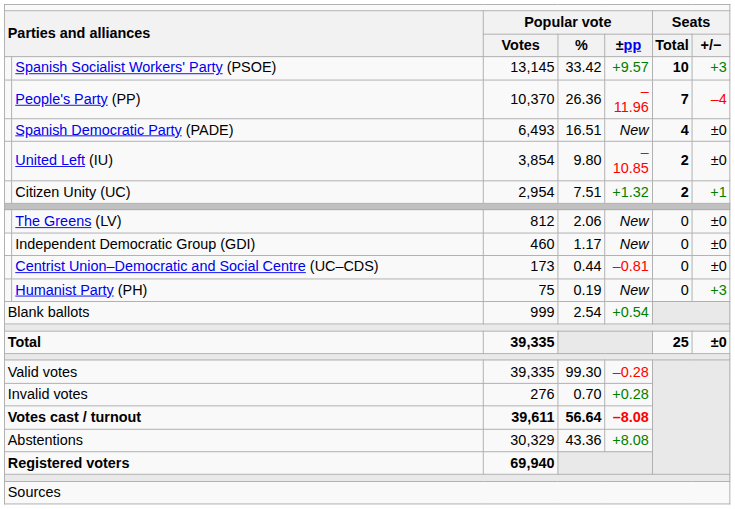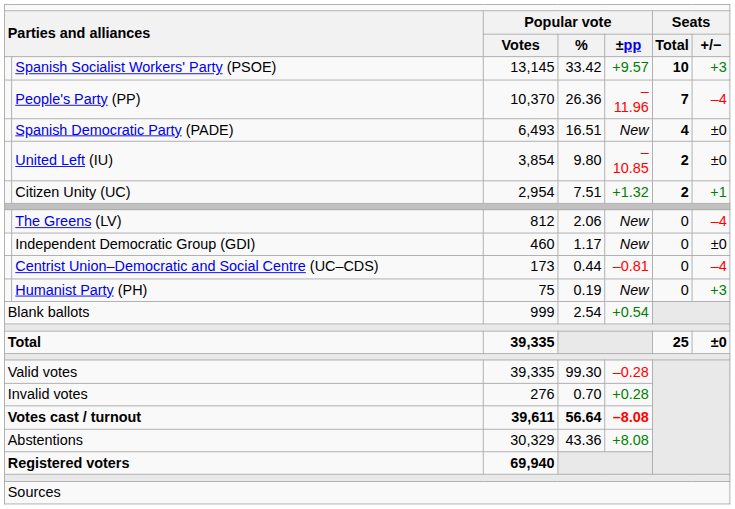 <table class="wikitable" style="text-align:right;">
 <tr>
 <td colspan="7"></td>
 </tr>
 <tr>
 <th style="text-align:left;" rowspan="2" colspan="2" width="525">Parties and alliances</th>
 <th colspan="3">Popular vote</th>
 <th colspan="2">Seats</th>
 </tr>
 <tr>
 <th width="75">Votes</th>
 <th width="45">%</th>
 <th width="45">±<a href='#'>pp</a></th>
 <th width="35">Total</th>
 <th width="35">+/−</th>
 </tr>
 <tr>
 <td width="1" style="color:inherit;background:"></td>
 <td align="left"><a href='#'>Spanish Socialist Workers' Party</a> (PSOE)</td>
 <td>13,145</td>
 <td>33.42</td>
 <td style="color:green;">+9.57</td>
 <td><strong>10</strong></td>
 <td style="color:green;">+3</td>
 </tr>
 <tr>
 <td style="color:inherit;background:"></td>
 <td align="left"><a href='#'>People's Party</a> (PP)</td>
 <td>10,370</td>
 <td>26.36</td>
 <td style="color:red;">–11.96</td>
 <td><strong>7</strong></td>
 <td style="color:red;">–4</td>
 </tr>
 <tr>
 <td style="color:inherit;background:"></td>
 <td align="left"><a href='#'>Spanish Democratic Party</a> (PADE)</td>
 <td>6,493</td>
 <td>16.51</td>
 <td><em>New</em></td>
 <td><strong>4</strong></td>
 <td>±0</td>
 </tr>
 <tr>
 <td style="color:inherit;background:"></td>
 <td align="left"><a href='#'>United Left</a> (IU)</td>
 <td>3,854</td>
 <td>9.80</td>
 <td style="color:red;">–10.85</td>
 <td><strong>2</strong></td>
 <td>±0</td>
 </tr>
 <tr>
 <td style="color:inherit;background:"></td>
 <td align="left">Citizen Unity (UC)</td>
 <td>2,954</td>
 <td>7.51</td>
 <td style="color:green;">+1.32</td>
 <td><strong>2</strong></td>
 <td style="color:green;">+1</td>
 </tr>
 <tr>
 <td colspan="7" bgcolor="#C0C0C0"></td>
 </tr>
 <tr>
 <td style="color:inherit;background:"></td>
 <td align="left"><a href='#'>The Greens</a> (LV)</td>
 <td>812</td>
 <td>2.06</td>
 <td><em>New</em></td>
 <td>0</td>
-<td>±0</td>
+<td style="color:red;">–4</td>
 </tr>
 <tr>
 <td bgcolor="white"></td>
 <td align="left">Independent Democratic Group (GDI)</td>
 <td>460</td>
 <td>1.17</td>
 <td><em>New</em></td>
 <td>0</td>
 <td>±0</td>
 </tr>
 <tr>
 <td style="color:inherit;background:"></td>
 <td align="left"><a href='#'>Centrist Union–Democratic and Social Centre</a> (UC–CDS)</td>
 <td>173</td>
 <td>0.44</td>
 <td style="color:red;">–0.81</td>
 <td>0</td>
-<td>±0</td>
+<td style="color:red;">–4</td>
 </tr>
 <tr>
 <td style="color:inherit;background:"></td>
 <td align="left"><a href='#'>Humanist Party</a> (PH)</td>
 <td>75</td>
 <td>0.19</td>
 <td><em>New</em></td>
 <td>0</td>
 <td style="color:green;">+3</td>
 </tr>
 <tr>
 <td align="left" colspan="2">Blank ballots</td>
 <td>999</td>
 <td>2.54</td>
 <td style="color:green;">+0.54</td>
 <td bgcolor="#E9E9E9" colspan="2"></td>
 </tr>
 <tr>
 <td colspan="7" bgcolor="#E9E9E9"></td>
 </tr>
 <tr style="font-weight:bold;">
 <td align="left" colspan="2">Total</td>
 <td>39,335</td>
 <td bgcolor="#E9E9E9" colspan="2"></td>
 <td>25</td>
 <td>±0</td>
 </tr>
 <tr>
 <td colspan="7" bgcolor="#E9E9E9"></td>
 </tr>
 <tr>
 <td align="left" colspan="2">Valid votes</td>
 <td>39,335</td>
 <td>99.30</td>
 <td style="color:red;">–0.28</td>
 <td bgcolor="#E9E9E9" colspan="2" rowspan="5"></td>
 </tr>
 <tr>
 <td align="left" colspan="2">Invalid votes</td>
 <td>276</td>
 <td>0.70</td>
 <td style="color:green;">+0.28</td>
 </tr>
 <tr style="font-weight:bold;">
 <td align="left" colspan="2">Votes cast / turnout</td>
 <td>39,611</td>
 <td>56.64</td>
 <td style="color:red;">–8.08</td>
 </tr>
 <tr>
 <td align="left" colspan="2">Abstentions</td>
 <td>30,329</td>
 <td>43.36</td>
 <td style="color:green;">+8.08</td>
 </tr>
 <tr style="font-weight:bold;">
 <td align="left" colspan="2">Registered voters</td>
 <td>69,940</td>
 <td bgcolor="#E9E9E9" colspan="2"></td>
 </tr>
 <tr>
 <td colspan="7" bgcolor="#E9E9E9"></td>
 </tr>
 <tr>
 <td align="left" colspan="7">Sources</td>
 </tr>
 </table>
